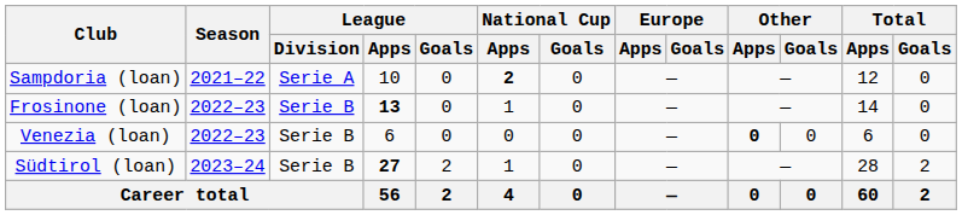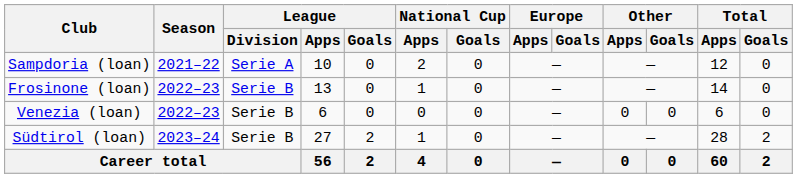 <table class="wikitable" style="text-align:center">
 <tr>
 <th rowspan="2">Club</th>
 <th rowspan="2">Season</th>
 <th colspan="3">League</th>
 <th colspan="2">National Cup</th>
 <th colspan="2">Europe</th>
 <th colspan="2">Other</th>
 <th colspan="2">Total</th>
 </tr>
 <tr>
 <th>Division</th>
 <th>Apps</th>
 <th>Goals</th>
 <th>Apps</th>
 <th>Goals</th>
 <th>Apps</th>
 <th>Goals</th>
 <th>Apps</th>
 <th>Goals</th>
 <th>Apps</th>
 <th>Goals</th>
 </tr>
 <tr>
 <td><a href='#'>Sampdoria</a> (loan)</td>
 <td><a href='#'>2021–22</a></td>
 <td><a href='#'>Serie A</a></td>
 <td>10</td>
 <td>0</td>
-<td><strong>2</strong></td>
+<td>2</td>
 <td>0</td>
 <td colspan="2">—</td>
 <td colspan="2">—</td>
 <td>12</td>
 <td>0</td>
 </tr>
 <tr>
 <td><a href='#'>Frosinone</a> (loan)</td>
 <td><a href='#'>2022–23</a></td>
 <td><a href='#'>Serie B</a></td>
-<td><strong>13</strong></td>
+<td>13</td>
 <td>0</td>
 <td>1</td>
 <td>0</td>
 <td colspan="2">—</td>
 <td colspan="2">—</td>
 <td>14</td>
 <td>0</td>
 </tr>
 <tr>
 <td><a href='#'>Venezia</a> (loan)</td>
 <td><a href='#'>2022–23</a></td>
 <td>Serie B</td>
 <td>6</td>
 <td>0</td>
 <td>0</td>
 <td>0</td>
 <td colspan="2">—</td>
-<td><strong>0</strong></td>
+<td>0</td>
 <td>0</td>
 <td>6</td>
 <td>0</td>
 </tr>
 <tr>
 <td><a href='#'>Südtirol</a> (loan)</td>
 <td><a href='#'>2023–24</a></td>
 <td>Serie B</td>
-<td><strong>27</strong></td>
+<td>27</td>
 <td>2</td>
 <td>1</td>
 <td>0</td>
 <td colspan="2">—</td>
 <td colspan="2">—</td>
 <td>28</td>
 <td>2</td>
 </tr>
 <tr>
 <th colspan="3">Career total</th>
 <th>56</th>
 <th>2</th>
 <th>4</th>
 <th>0</th>
 <th colspan="2">—</th>
 <th>0</th>
 <th>0</th>
 <th>60</th>
 <th>2</th>
 </tr>
 </table>
